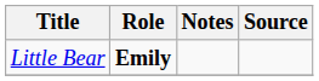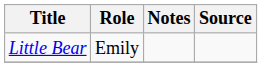 <table class="wikitable sortable plainrowheaders">
 <tr>
 <th>Title</th>
 <th>Role</th>
 <th class="unsortable">Notes</th>
 <th class="unsortable">Source</th>
 </tr>
 <tr>
 <td><em><a href='#'>Little Bear</a></em></td>
-<td><strong>Emily</strong></td>
+<td>Emily</td>
 <td></td>
 <td></td>
 </tr>
 <tr>
 </tr>
 <tr>
 </tr>
 <tr>
 </tr>
 </table>
